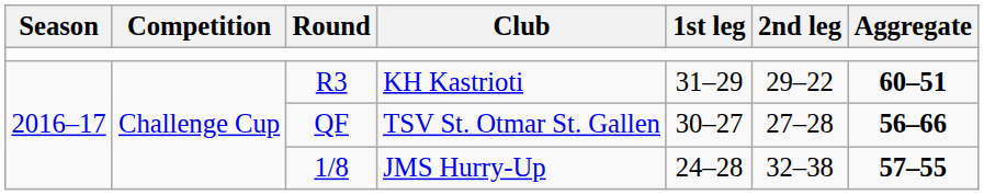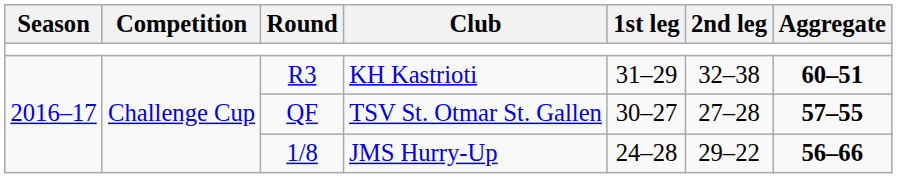 <table class="wikitable">
 <tr>
 <th>Season</th>
 <th>Competition</th>
 <th>Round</th>
 <th>Club</th>
 <th>1st leg</th>
 <th>2nd leg</th>
 <th>Aggregate</th>
 </tr>
 <tr>
 <td colspan="7" bgcolor=white></td>
 </tr>
 <tr>
 <td rowspan="3"><a href='#'>2016–17</a></td>
 <td rowspan="3"><a href='#'>Challenge Cup</a></td>
 <td style="text-align:center;"><a href='#'>R3</a></td>
 <td> <a href='#'>KH Kastrioti</a></td>
 <td style="text-align:center;">31–29</td>
-<td style="text-align:center;">29–22</td>
+<td style="text-align:center;">32–38</td>
 <td style="text-align:center;"><strong>60–51</strong></td>
 </tr>
 <tr>
 <td style="text-align:center;"><a href='#'>QF</a></td>
 <td> <a href='#'>TSV St. Otmar St. Gallen</a></td>
 <td style="text-align:center;">30–27</td>
 <td style="text-align:center;">27–28</td>
-<td style="text-align:center;"><strong>56–66</strong></td>
+<td style="text-align:center;"><strong>57–55</strong></td>
 </tr>
 <tr>
 <td style="text-align:center;"><a href='#'>1/8</a></td>
 <td> <a href='#'>JMS Hurry-Up</a></td>
 <td style="text-align:center;">24–28</td>
-<td style="text-align:center;">32–38</td>
-<td style="text-align:center;"><strong>57–55</strong></td>
+<td style="text-align:center;">29–22</td>
+<td style="text-align:center;"><strong>56–66</strong></td>
 </tr>
 </table>
